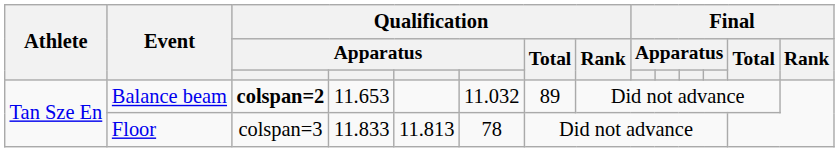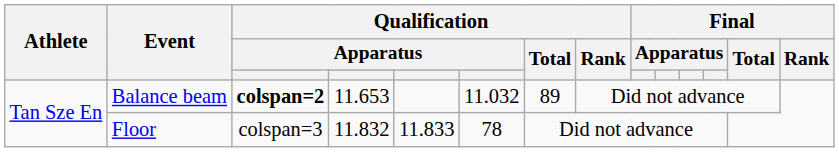 <table class="wikitable" style="font-size:90%;text-align:center;">
 <tr>
 <th rowspan=3>Athlete</th>
 <th rowspan=3>Event</th>
 <th colspan=6>Qualification</th>
 <th colspan=6>Final</th>
 </tr>
 <tr style="font-size:95%">
 <th colspan=4>Apparatus</th>
 <th rowspan=2>Total</th>
 <th rowspan=2>Rank</th>
 <th colspan=4>Apparatus</th>
 <th rowspan=2>Total</th>
 <th rowspan=2>Rank</th>
 </tr>
 <tr style="font-size:95%">
 <th></th>
 <th></th>
 <th></th>
 <th></th>
 <th></th>
 <th></th>
 <th></th>
 <th></th>
 </tr>
 <tr>
 <td rowspan="2" style="text-align:left"><a href='#'>Tan Sze En</a></td>
 <td style="text-align:left"><a href='#'>Balance beam</a></td>
 <td><strong>colspan=2 </strong></td>
 <td>11.653</td>
 <td></td>
 <td>11.032</td>
 <td>89</td>
 <td colspan="6">Did not advance</td>
 </tr>
 <tr>
 <td style="text-align:left"><a href='#'>Floor</a></td>
 <td>colspan=3 </td>
+<td>11.832</td>
 <td>11.833</td>
-<td>11.813</td>
 <td>78</td>
 <td colspan="6">Did not advance</td>
 </tr>
 </table>
